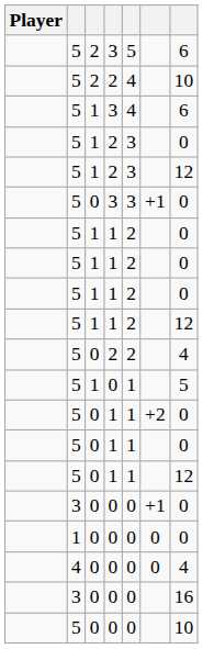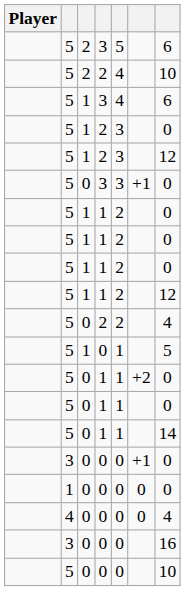 <table class="wikitable sortable" style="text-align:center;">
 <tr>
 <th>Player</th>
 <th></th>
 <th></th>
 <th></th>
 <th></th>
 <th data-sort-type="number"></th>
 <th></th>
 </tr>
 <tr>
 <td style="text-align:left;"></td>
 <td>5</td>
 <td>2</td>
 <td>3</td>
 <td>5</td>
 <td></td>
 <td>6</td>
 </tr>
 <tr>
 <td style="text-align:left;"></td>
 <td>5</td>
 <td>2</td>
 <td>2</td>
 <td>4</td>
 <td></td>
 <td>10</td>
 </tr>
 <tr>
 <td style="text-align:left;"></td>
 <td>5</td>
 <td>1</td>
 <td>3</td>
 <td>4</td>
 <td></td>
 <td>6</td>
 </tr>
 <tr>
 <td style="text-align:left;"></td>
 <td>5</td>
 <td>1</td>
 <td>2</td>
 <td>3</td>
 <td></td>
 <td>0</td>
 </tr>
 <tr>
 <td style="text-align:left;"></td>
 <td>5</td>
 <td>1</td>
 <td>2</td>
 <td>3</td>
 <td></td>
 <td>12</td>
 </tr>
 <tr>
 <td style="text-align:left;"></td>
 <td>5</td>
 <td>0</td>
 <td>3</td>
 <td>3</td>
 <td>+1</td>
 <td>0</td>
 </tr>
 <tr>
 <td style="text-align:left;"></td>
 <td>5</td>
 <td>1</td>
 <td>1</td>
 <td>2</td>
 <td></td>
 <td>0</td>
 </tr>
 <tr>
 <td style="text-align:left;"></td>
 <td>5</td>
 <td>1</td>
 <td>1</td>
 <td>2</td>
 <td></td>
 <td>0</td>
 </tr>
 <tr>
 <td style="text-align:left;"></td>
 <td>5</td>
 <td>1</td>
 <td>1</td>
 <td>2</td>
 <td></td>
 <td>0</td>
 </tr>
 <tr>
 <td style="text-align:left;"></td>
 <td>5</td>
 <td>1</td>
 <td>1</td>
 <td>2</td>
 <td></td>
 <td>12</td>
 </tr>
 <tr>
 <td style="text-align:left;"></td>
 <td>5</td>
 <td>0</td>
 <td>2</td>
 <td>2</td>
 <td></td>
 <td>4</td>
 </tr>
 <tr>
 <td style="text-align:left;"></td>
 <td>5</td>
 <td>1</td>
 <td>0</td>
 <td>1</td>
 <td></td>
 <td>5</td>
 </tr>
 <tr>
 <td style="text-align:left;"></td>
 <td>5</td>
 <td>0</td>
 <td>1</td>
 <td>1</td>
 <td>+2</td>
 <td>0</td>
 </tr>
 <tr>
 <td style="text-align:left;"></td>
 <td>5</td>
 <td>0</td>
 <td>1</td>
 <td>1</td>
 <td></td>
 <td>0</td>
 </tr>
 <tr>
 <td style="text-align:left;"></td>
 <td>5</td>
 <td>0</td>
 <td>1</td>
 <td>1</td>
 <td></td>
-<td>12</td>
+<td>14</td>
 </tr>
 <tr>
 <td style="text-align:left;"></td>
 <td>3</td>
 <td>0</td>
 <td>0</td>
 <td>0</td>
 <td>+1</td>
 <td>0</td>
 </tr>
 <tr>
 <td style="text-align:left;"></td>
 <td>1</td>
 <td>0</td>
 <td>0</td>
 <td>0</td>
 <td>0</td>
 <td>0</td>
 </tr>
 <tr>
 <td style="text-align:left;"></td>
 <td>4</td>
 <td>0</td>
 <td>0</td>
 <td>0</td>
 <td>0</td>
 <td>4</td>
 </tr>
 <tr>
 <td style="text-align:left;"></td>
 <td>3</td>
 <td>0</td>
 <td>0</td>
 <td>0</td>
 <td></td>
 <td>16</td>
 </tr>
 <tr>
 <td style="text-align:left;"></td>
 <td>5</td>
 <td>0</td>
 <td>0</td>
 <td>0</td>
 <td></td>
 <td>10</td>
 </tr>
 </table>
